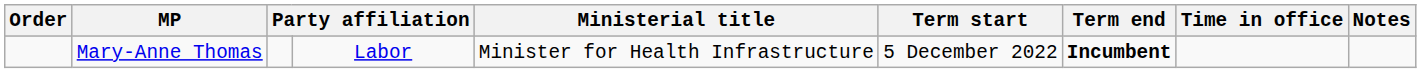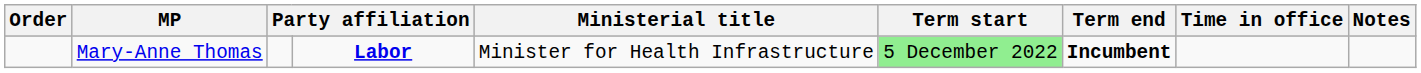 <table class="wikitable" style="text-align:center">
 <tr>
 <th>Order</th>
 <th>MP</th>
 <th colspan="2">Party affiliation</th>
 <th>Ministerial title</th>
 <th>Term start</th>
 <th>Term end</th>
 <th>Time in office</th>
 <th>Notes</th>
 </tr>
 <tr>
 <td></td>
 <td><a href='#'>Mary-Anne Thomas</a> </td>
 <td></td>
-<td><a href='#'>Labor</a></td>
+<td><strong><a href='#'>Labor</a></strong></td>
 <td>Minister for Health Infrastructure</td>
-<td>5 December 2022</td>
+<td style="background: lightgreen;">5 December 2022</td>
 <td><strong>Incumbent</strong></td>
 <td></td>
 <td></td>
 </tr>
 </table>
